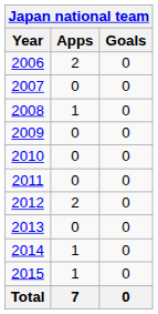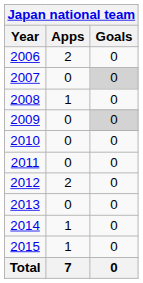 <table class="wikitable" style="text-align:center">
 <tr>
 <th colspan="3"><a href='#'>Japan national team</a></th>
 </tr>
 <tr>
 <th>Year</th>
 <th>Apps</th>
 <th>Goals</th>
 </tr>
 <tr>
 <td><a href='#'>2006</a></td>
 <td>2</td>
 <td>0</td>
 </tr>
 <tr>
 <td><a href='#'>2007</a></td>
 <td>0</td>
-<td>0</td>
+<td style="background: lightgrey;">0</td>
 </tr>
 <tr>
 <td><a href='#'>2008</a></td>
 <td>1</td>
 <td>0</td>
 </tr>
 <tr>
 <td><a href='#'>2009</a></td>
 <td>0</td>
-<td>0</td>
+<td style="background: lightgrey;">0</td>
 </tr>
 <tr>
 <td><a href='#'>2010</a></td>
 <td>0</td>
 <td>0</td>
 </tr>
 <tr>
 <td><a href='#'>2011</a></td>
 <td>0</td>
 <td>0</td>
 </tr>
 <tr>
 <td><a href='#'>2012</a></td>
 <td>2</td>
 <td>0</td>
 </tr>
 <tr>
 <td><a href='#'>2013</a></td>
 <td>0</td>
 <td>0</td>
 </tr>
 <tr>
 <td><a href='#'>2014</a></td>
 <td>1</td>
 <td>0</td>
 </tr>
 <tr>
 <td><a href='#'>2015</a></td>
 <td>1</td>
 <td>0</td>
 </tr>
 <tr>
 <th>Total</th>
 <th>7</th>
 <th>0</th>
 </tr>
 </table>
